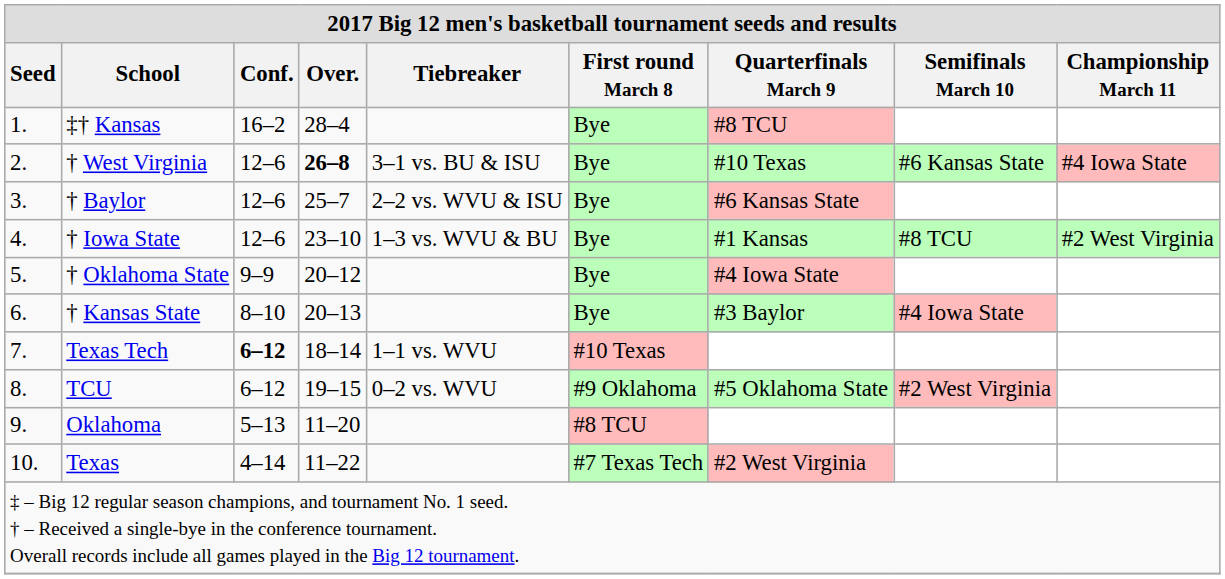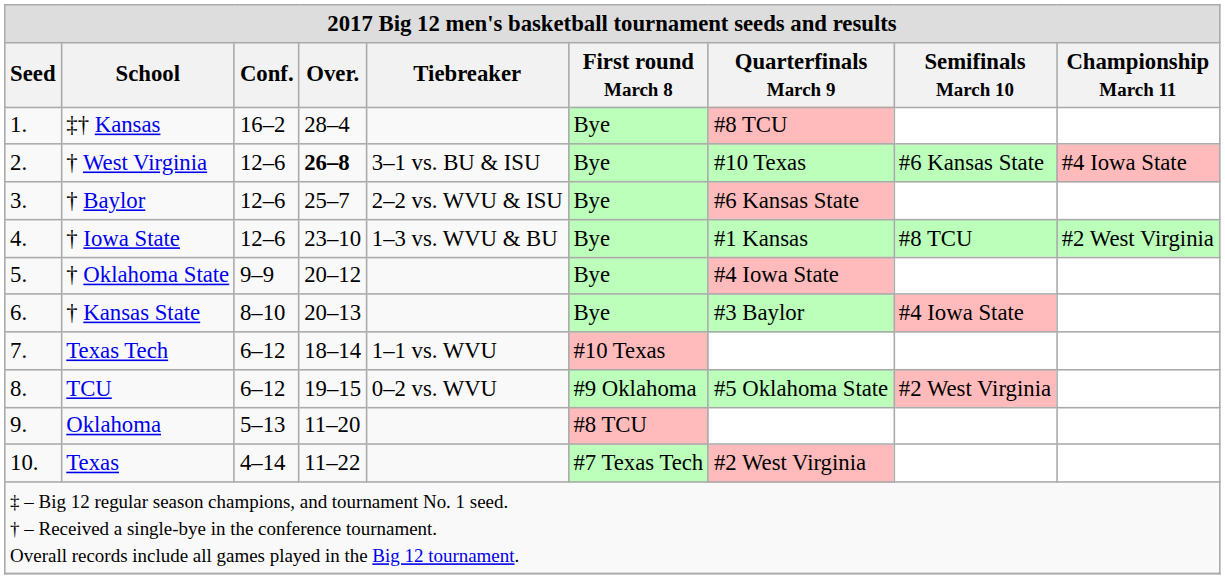 <table class="wikitable" style="white-space:nowrap; font-size:90%;">
 <tr>
 <td colspan="10" style="text-align:center; background:#DDDDDD; font:#000000"><strong>2017 Big 12 men's basketball tournament seeds and results</strong></td>
 </tr>
 <tr bgcolor="#efefef">
 <th>Seed</th>
 <th>School</th>
 <th>Conf.</th>
 <th>Over.</th>
 <th>Tiebreaker</th>
 <th>First round<br><small>March 8</small></th>
 <th>Quarterfinals<br><small>March 9</small></th>
 <th>Semifinals<br><small>March 10</small></th>
 <th>Championship<br><small>March 11</small></th>
 </tr>
 <tr>
 <td>1.</td>
 <td>‡† <a href='#'>Kansas</a></td>
 <td>16–2</td>
 <td>28–4</td>
 <td></td>
 <td style="background:#bfb;">Bye</td>
 <td style="background:#fbb;">#8 TCU</td>
 <td style="background:#fff;"></td>
 <td style="background:#fff;"></td>
 </tr>
 <tr>
 <td>2.</td>
 <td>† <a href='#'>West Virginia</a></td>
 <td>12–6</td>
 <td><strong>26–8</strong></td>
 <td>3–1 vs. BU & ISU</td>
 <td style="background:#bfb;">Bye</td>
 <td style="background:#bfb;">#10 Texas</td>
 <td style="background:#bfb;">#6 Kansas State</td>
 <td style="background:#fbb;">#4 Iowa State</td>
 </tr>
 <tr>
 <td>3.</td>
 <td>† <a href='#'>Baylor</a></td>
 <td>12–6</td>
 <td>25–7</td>
 <td>2–2 vs. WVU & ISU</td>
 <td style="background:#bfb;">Bye</td>
 <td style="background:#fbb;">#6 Kansas State</td>
 <td style="background:#fff;"></td>
 <td style="background:#fff;"></td>
 </tr>
 <tr>
 <td>4.</td>
 <td>† <a href='#'>Iowa State</a></td>
 <td>12–6</td>
 <td>23–10</td>
 <td>1–3 vs. WVU & BU</td>
 <td style="background:#bfb;">Bye</td>
 <td style="background:#bfb;">#1 Kansas</td>
 <td style="background:#bfb;">#8 TCU</td>
 <td style="background:#bfb;">#2 West Virginia</td>
 </tr>
 <tr>
 <td>5.</td>
 <td>† <a href='#'>Oklahoma State</a></td>
 <td>9–9</td>
 <td>20–12</td>
 <td></td>
 <td style="background:#bfb;">Bye</td>
 <td style="background:#fbb;">#4 Iowa State</td>
 <td style="background:#fff;"></td>
 <td style="background:#fff;"></td>
 </tr>
 <tr>
 <td>6.</td>
 <td>† <a href='#'>Kansas State</a></td>
 <td>8–10</td>
 <td>20–13</td>
 <td></td>
 <td style="background:#bfb;">Bye</td>
 <td style="background:#bfb;">#3 Baylor</td>
 <td style="background:#fbb;">#4 Iowa State</td>
 <td style="background:#fff;"></td>
 </tr>
 <tr>
 <td>7.</td>
 <td><a href='#'>Texas Tech</a></td>
-<td><strong>6–12</strong></td>
+<td>6–12</td>
 <td>18–14</td>
 <td>1–1 vs. WVU</td>
 <td style="background:#fbb;">#10 Texas</td>
 <td style="background:#fff;"></td>
 <td style="background:#fff;"></td>
 <td style="background:#fff;"></td>
 </tr>
 <tr>
 <td>8.</td>
 <td><a href='#'>TCU</a></td>
 <td>6–12</td>
 <td>19–15</td>
 <td>0–2 vs. WVU</td>
 <td style="background:#bfb;">#9 Oklahoma</td>
 <td style="background:#bfb;">#5 Oklahoma State</td>
 <td style="background:#fbb;">#2 West Virginia</td>
 <td style="background:#fff;"></td>
 </tr>
 <tr>
 <td>9.</td>
 <td><a href='#'>Oklahoma</a></td>
 <td>5–13</td>
 <td>11–20</td>
 <td></td>
 <td style="background:#fbb;">#8 TCU</td>
 <td style="background:#fff;"></td>
 <td style="background:#fff;"></td>
 <td style="background:#fff;"></td>
 </tr>
 <tr>
 <td>10.</td>
 <td><a href='#'>Texas</a></td>
 <td>4–14</td>
 <td>11–22</td>
 <td></td>
 <td style="background:#bfb;">#7 Texas Tech</td>
 <td style="background:#fbb;">#2 West Virginia</td>
 <td style="background:#fff;"></td>
 <td style="background:#fff;"></td>
 </tr>
 <tr>
 <td colspan="10" style="text-align:left;"><small>‡ – Big 12 regular season champions, and tournament No. 1 seed.<br>† – Received a single-bye in the conference tournament.<br>Overall records include all games played in the <a href='#'>Big 12 tournament</a>.</small></td>
 </tr>
 <tr>
 </tr>
 </table>
